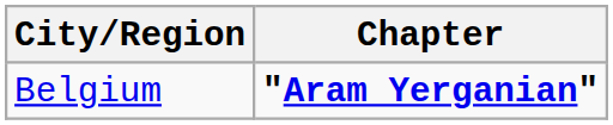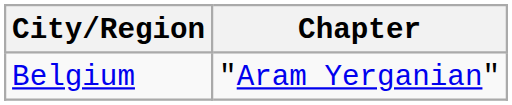 <table class="wikitable">
 <tr>
 <th>City/Region</th>
 <th>Chapter</th>
 </tr>
 <tr>
 <td><a href='#'>Belgium</a></td>
-<td><strong>"<a href='#'>Aram Yerganian</a>"</strong></td>
+<td>"<a href='#'>Aram Yerganian</a>"</td>
 </tr>
 </table>
